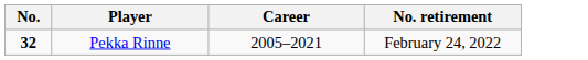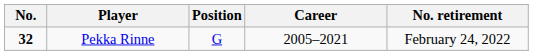 <table class="wikitable" style="text-align:center">
 <tr>
 <th style="width:40px;">No.</th>
 <th style="width:150px;">Player</th>
+<th style="width:40px;">Position</th>
 <th style="width:150px;">Career</th>
 <th style="width:150px;">No. retirement</th>
 </tr>
 <tr>
 <td><strong>32</strong></td>
 <td><a href='#'>Pekka Rinne</a></td>
+<td><a href='#'>G</a></td>
 <td>2005–2021</td>
 <td>February 24, 2022</td>
 </tr>
 </table>
